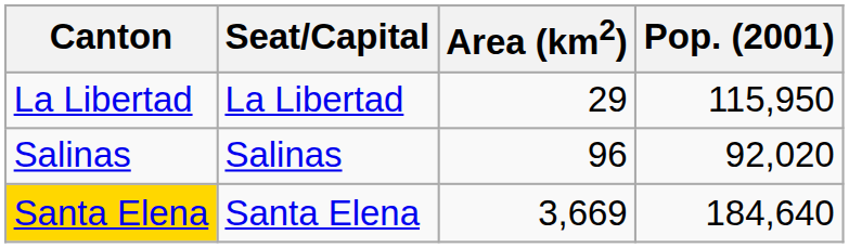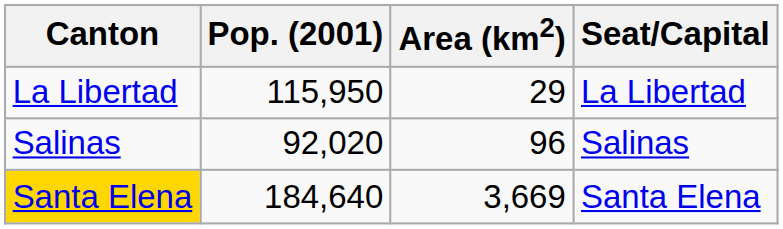 <table class="wikitable sortable">
 <tr>
 <th>Canton</th>
+<th>Pop. (2001)</th>
+<th>Area (km<sup>2</sup>)</th>
 <th>Seat/Capital</th>
-<th>Area (km<sup>2</sup>)</th>
-<th>Pop. (2001)</th>
 </tr>
 <tr>
 <td><a href='#'>La Libertad</a></td>
+<td align=right>115,950</td>
+<td align="right">29</td>
 <td><a href='#'>La Libertad</a></td>
-<td align="right">29</td>
-<td align=right>115,950</td>
 </tr>
 <tr>
 <td><a href='#'>Salinas</a></td>
+<td align=right>92,020</td>
+<td align="right">96</td>
 <td><a href='#'>Salinas</a></td>
-<td align="right">96</td>
-<td align=right>92,020</td>
 </tr>
 <tr>
 <td style="background: gold;"><a href='#'>Santa Elena</a></td>
+<td align=right>184,640</td>
+<td align="right">3,669</td>
 <td><a href='#'>Santa Elena</a></td>
-<td align="right">3,669</td>
-<td align=right>184,640</td>
 </tr>
 </table>
